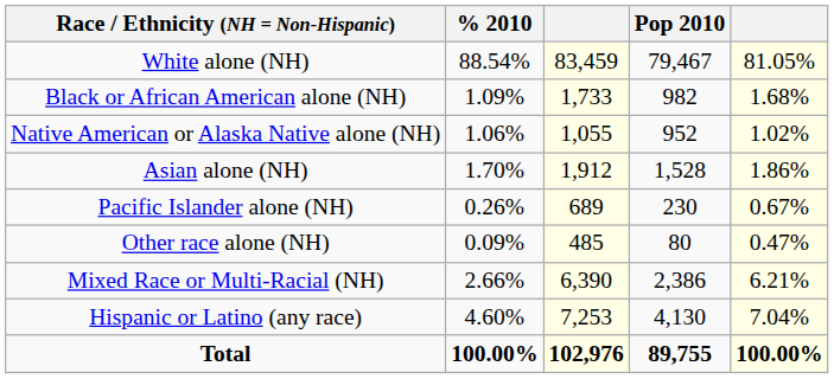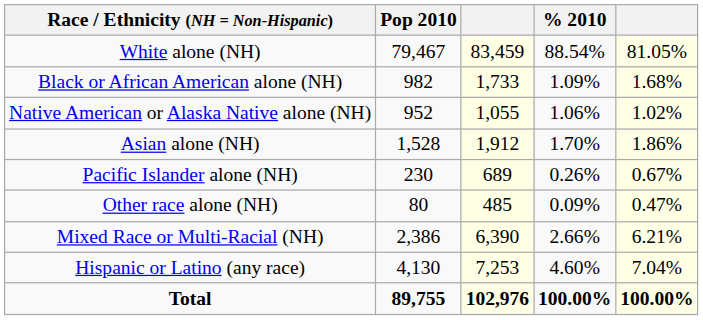 <table class="wikitable" style="text-align:center;">
 <tr>
 <th>Race / Ethnicity <small>(<em>NH = Non-Hispanic</em>)</small></th>
+<th>Pop 2010</th>
+<th></th>
 <th>% 2010</th>
-<th></th>
-<th>Pop 2010</th>
 <th></th>
 </tr>
 <tr>
 <td><a href='#'>White</a> alone (NH)</td>
+<td>79,467</td>
+<td style='background: #ffffe6;'>83,459</td>
 <td>88.54%</td>
-<td style='background: #ffffe6;'>83,459</td>
-<td>79,467</td>
 <td style='background: #ffffe6;'>81.05%</td>
 </tr>
 <tr>
 <td><a href='#'>Black or African American</a> alone (NH)</td>
+<td>982</td>
+<td style='background: #ffffe6;'>1,733</td>
 <td>1.09%</td>
-<td style='background: #ffffe6;'>1,733</td>
-<td>982</td>
 <td style='background: #ffffe6;'>1.68%</td>
 </tr>
 <tr>
 <td><a href='#'>Native American</a> or <a href='#'>Alaska Native</a> alone (NH)</td>
+<td>952</td>
+<td style='background: #ffffe6;'>1,055</td>
 <td>1.06%</td>
-<td style='background: #ffffe6;'>1,055</td>
-<td>952</td>
 <td style='background: #ffffe6;'>1.02%</td>
 </tr>
 <tr>
 <td><a href='#'>Asian</a> alone (NH)</td>
+<td>1,528</td>
+<td style='background: #ffffe6;'>1,912</td>
 <td>1.70%</td>
-<td style='background: #ffffe6;'>1,912</td>
-<td>1,528</td>
 <td style='background: #ffffe6;'>1.86%</td>
 </tr>
 <tr>
 <td><a href='#'>Pacific Islander</a> alone (NH)</td>
+<td>230</td>
+<td style='background: #ffffe6;'>689</td>
 <td>0.26%</td>
-<td style='background: #ffffe6;'>689</td>
-<td>230</td>
 <td style='background: #ffffe6;'>0.67%</td>
 </tr>
 <tr>
 <td><a href='#'>Other race</a> alone (NH)</td>
+<td>80</td>
+<td style='background: #ffffe6;'>485</td>
 <td>0.09%</td>
-<td style='background: #ffffe6;'>485</td>
-<td>80</td>
 <td style='background: #ffffe6;'>0.47%</td>
 </tr>
 <tr>
 <td><a href='#'>Mixed Race or Multi-Racial</a> (NH)</td>
+<td>2,386</td>
+<td style='background: #ffffe6;'>6,390</td>
 <td>2.66%</td>
-<td style='background: #ffffe6;'>6,390</td>
-<td>2,386</td>
 <td style='background: #ffffe6;'>6.21%</td>
 </tr>
 <tr>
 <td><a href='#'>Hispanic or Latino</a> (any race)</td>
+<td>4,130</td>
+<td style='background: #ffffe6;'>7,253</td>
 <td>4.60%</td>
-<td style='background: #ffffe6;'>7,253</td>
-<td>4,130</td>
 <td style='background: #ffffe6;'>7.04%</td>
 </tr>
 <tr>
 <td><strong>Total</strong></td>
+<td><strong>89,755</strong></td>
+<td style='background: #ffffe6;'><strong>102,976</strong></td>
 <td><strong>100.00%</strong></td>
-<td style='background: #ffffe6;'><strong>102,976</strong></td>
-<td><strong>89,755</strong></td>
 <td style='background: #ffffe6;'><strong>100.00%</strong></td>
 </tr>
 </table>
